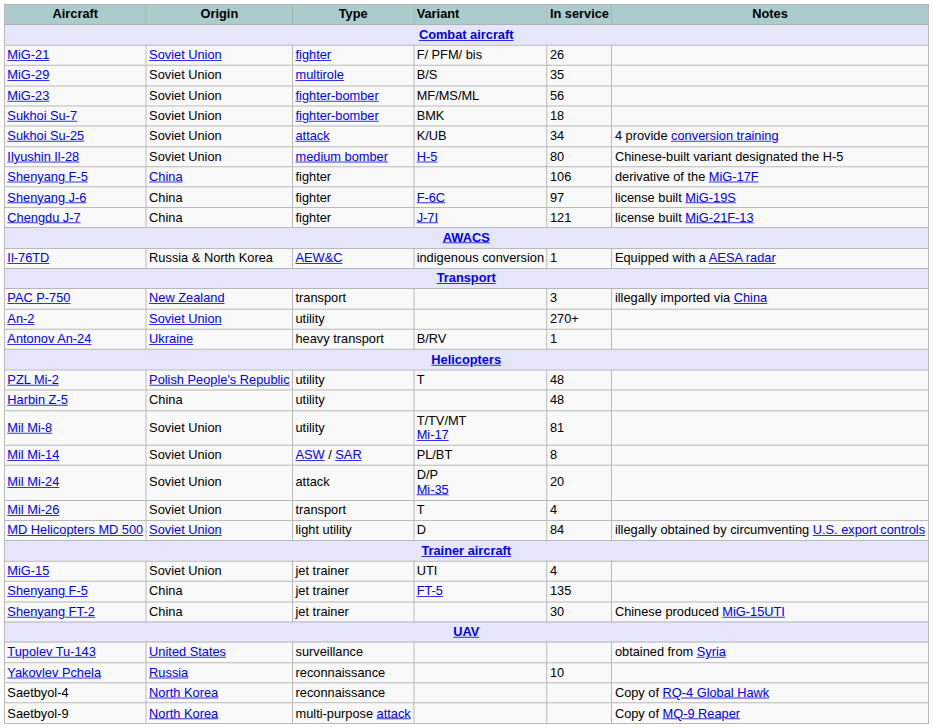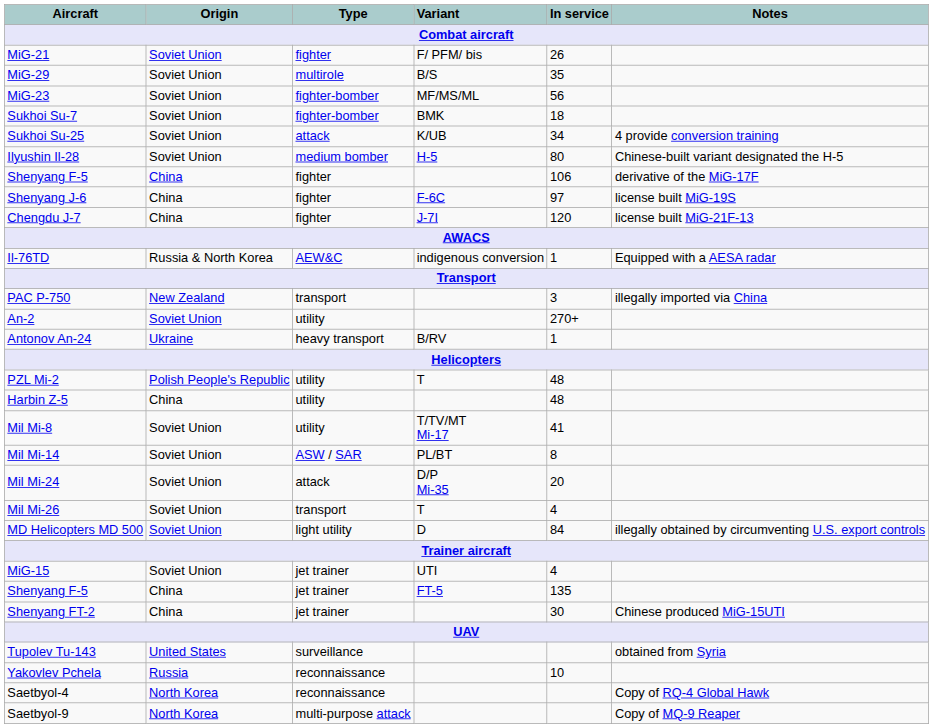 <table class="wikitable">
 <tr>
 <th style="text-align:center; background:#acc;">Aircraft</th>
 <th style="text-align: center; background:#acc;">Origin</th>
 <th style="text-align:l center; background:#acc;">Type</th>
 <th style="text-align:left; background:#acc;">Variant</th>
 <th style="text-align:center; background:#acc;">In service</th>
 <th style="text-align: center; background:#acc;">Notes</th>
 </tr>
 <tr>
 <th style="align: center; background: lavender;" colspan="6"><a href='#'>Combat aircraft</a></th>
 </tr>
 <tr>
 <td><a href='#'>MiG-21</a></td>
 <td><a href='#'>Soviet Union</a></td>
 <td><a href='#'>fighter</a></td>
 <td>F/ PFM/ bis</td>
 <td>26</td>
 <td></td>
 </tr>
 <tr>
 <td><a href='#'>MiG-29</a></td>
 <td>Soviet Union</td>
 <td><a href='#'>multirole</a></td>
 <td>B/S</td>
 <td>35</td>
 <td></td>
 </tr>
 <tr>
 <td><a href='#'>MiG-23</a></td>
 <td>Soviet Union</td>
 <td><a href='#'>fighter-bomber</a></td>
 <td>MF/MS/ML</td>
 <td>56</td>
 <td></td>
 </tr>
 <tr>
 <td><a href='#'>Sukhoi Su-7</a></td>
 <td>Soviet Union</td>
 <td><a href='#'>fighter-bomber</a></td>
 <td>BMK</td>
 <td>18</td>
 <td></td>
 </tr>
 <tr>
 <td><a href='#'>Sukhoi Su-25</a></td>
 <td>Soviet Union</td>
 <td><a href='#'>attack</a></td>
 <td>K/UB</td>
 <td>34</td>
 <td>4 provide <a href='#'>conversion training</a></td>
 </tr>
 <tr>
 <td><a href='#'>Ilyushin Il-28</a></td>
 <td>Soviet Union</td>
 <td><a href='#'>medium bomber</a></td>
 <td><a href='#'>H-5</a></td>
 <td>80</td>
 <td>Chinese-built variant designated the H-5</td>
 </tr>
 <tr>
 <td><a href='#'>Shenyang F-5</a></td>
 <td><a href='#'>China</a></td>
 <td>fighter</td>
 <td></td>
 <td>106</td>
 <td>derivative of the <a href='#'>MiG-17F</a></td>
 </tr>
 <tr>
 <td><a href='#'>Shenyang J-6</a></td>
 <td>China</td>
 <td>fighter</td>
 <td><a href='#'>F-6C</a></td>
 <td>97</td>
 <td>license built <a href='#'>MiG-19S</a></td>
 </tr>
 <tr>
 <td><a href='#'>Chengdu J-7</a></td>
 <td>China</td>
 <td>fighter</td>
 <td><a href='#'>J-7I</a></td>
-<td>121</td>
+<td>120</td>
 <td>license built <a href='#'>MiG-21F-13</a></td>
 </tr>
 <tr>
 <th style="align: center; background: lavender;" colspan="7"><a href='#'>AWACS</a></th>
 </tr>
 <tr>
 <td><a href='#'>Il-76TD</a></td>
 <td>Russia & North Korea</td>
 <td><a href='#'>AEW&C</a></td>
 <td>indigenous conversion</td>
 <td>1</td>
 <td>Equipped with a <a href='#'>AESA radar</a></td>
 </tr>
 <tr>
 <th style="align: center; background: lavender;" colspan="6"><a href='#'>Transport</a></th>
 </tr>
 <tr>
 <td><a href='#'>PAC P-750</a></td>
 <td><a href='#'>New Zealand</a></td>
 <td>transport</td>
 <td></td>
 <td>3</td>
 <td>illegally imported via <a href='#'>China</a></td>
 </tr>
 <tr>
 <td><a href='#'>An-2</a></td>
 <td><a href='#'>Soviet Union</a></td>
 <td>utility</td>
 <td></td>
 <td>270+</td>
 <td></td>
 </tr>
 <tr>
 <td><a href='#'>Antonov An-24</a></td>
 <td><a href='#'>Ukraine</a></td>
 <td>heavy transport</td>
 <td>B/RV</td>
 <td>1</td>
 <td></td>
 </tr>
 <tr>
 <th style="align: center; background: lavender;" colspan="6"><a href='#'>Helicopters</a></th>
 </tr>
 <tr>
 <td><a href='#'>PZL Mi-2</a></td>
 <td><a href='#'>Polish People's Republic</a></td>
 <td>utility</td>
 <td>T</td>
 <td>48</td>
 <td></td>
 </tr>
 <tr>
 <td><a href='#'>Harbin Z-5</a></td>
 <td>China</td>
 <td>utility</td>
 <td></td>
 <td>48</td>
 <td></td>
 </tr>
 <tr>
 <td><a href='#'>Mil Mi-8</a></td>
 <td>Soviet Union</td>
 <td>utility</td>
 <td>T/TV/MT<br><a href='#'>Mi-17</a></td>
-<td>81</td>
+<td>41</td>
 <td></td>
 </tr>
 <tr>
 <td><a href='#'>Mil Mi-14</a></td>
 <td>Soviet Union</td>
 <td><a href='#'>ASW</a> / <a href='#'>SAR</a></td>
 <td>PL/BT</td>
 <td>8</td>
 <td></td>
 </tr>
 <tr>
 <td><a href='#'>Mil Mi-24</a></td>
 <td>Soviet Union</td>
 <td>attack</td>
 <td>D/P<br><a href='#'>Mi-35</a></td>
 <td>20</td>
 <td></td>
 </tr>
 <tr>
 <td><a href='#'>Mil Mi-26</a></td>
 <td>Soviet Union</td>
 <td>transport</td>
 <td>T</td>
 <td>4</td>
 <td></td>
 </tr>
 <tr>
 <td><a href='#'>MD Helicopters MD 500</a></td>
 <td><a href='#'>Soviet Union</a></td>
 <td>light utility</td>
 <td>D</td>
 <td>84</td>
 <td>illegally obtained by circumventing <a href='#'>U.S. export controls</a></td>
 </tr>
 <tr>
 <th style="align: center; background: lavender;" colspan="6"><a href='#'>Trainer aircraft</a></th>
 </tr>
 <tr>
 <td><a href='#'>MiG-15</a></td>
 <td>Soviet Union</td>
 <td>jet trainer</td>
 <td>UTI</td>
 <td>4</td>
 <td></td>
 </tr>
 <tr>
 <td><a href='#'>Shenyang F-5</a></td>
 <td>China</td>
 <td>jet trainer</td>
 <td><a href='#'>FT-5</a></td>
 <td>135</td>
 <td></td>
 </tr>
 <tr>
 <td><a href='#'>Shenyang FT-2</a></td>
 <td>China</td>
 <td>jet trainer</td>
 <td></td>
 <td>30</td>
 <td>Chinese produced <a href='#'>MiG-15UTI</a></td>
 </tr>
 <tr>
 <th style="align: center; background: lavender;" colspan="6"><a href='#'>UAV</a></th>
 </tr>
 <tr>
 <td><a href='#'>Tupolev Tu-143</a></td>
 <td><a href='#'>United States</a></td>
 <td>surveillance</td>
 <td></td>
 <td></td>
 <td>obtained from <a href='#'>Syria</a></td>
 </tr>
 <tr>
 <td><a href='#'>Yakovlev Pchela</a></td>
 <td><a href='#'>Russia</a></td>
 <td>reconnaissance</td>
 <td></td>
 <td>10</td>
 <td></td>
 </tr>
 <tr>
 <td>Saetbyol-4</td>
 <td><a href='#'>North Korea</a></td>
 <td>reconnaissance</td>
 <td></td>
 <td></td>
 <td>Copy of <a href='#'>RQ-4 Global Hawk</a></td>
 </tr>
 <tr>
 <td>Saetbyol-9</td>
 <td><a href='#'>North Korea</a></td>
 <td>multi-purpose <a href='#'>attack</a></td>
 <td></td>
 <td></td>
 <td>Copy of <a href='#'>MQ-9 Reaper</a></td>
 </tr>
 </table>
